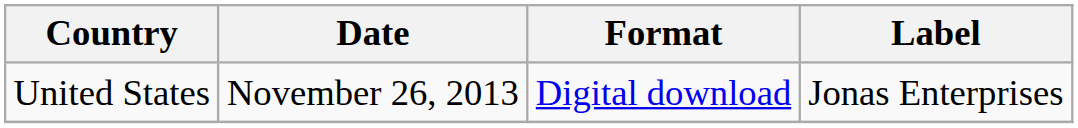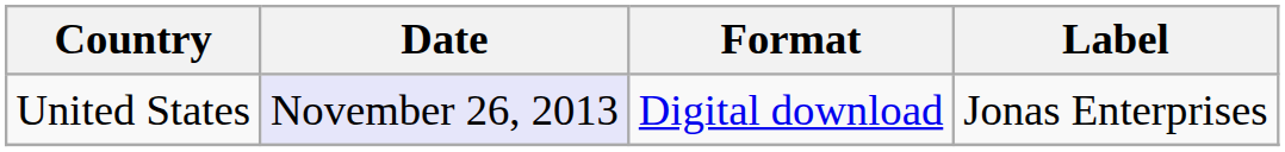 <table class="wikitable plainrowheaders">
 <tr>
 <th scope="col">Country</th>
 <th scope="col">Date</th>
 <th scope="col">Format</th>
 <th scope="col">Label</th>
 </tr>
 <tr>
 <td>United States</td>
-<td>November 26, 2013</td>
+<td style="background: lavender;">November 26, 2013</td>
 <td><a href='#'>Digital download</a></td>
 <td>Jonas Enterprises</td>
 </tr>
 <tr>
 </tr>
 </table>
